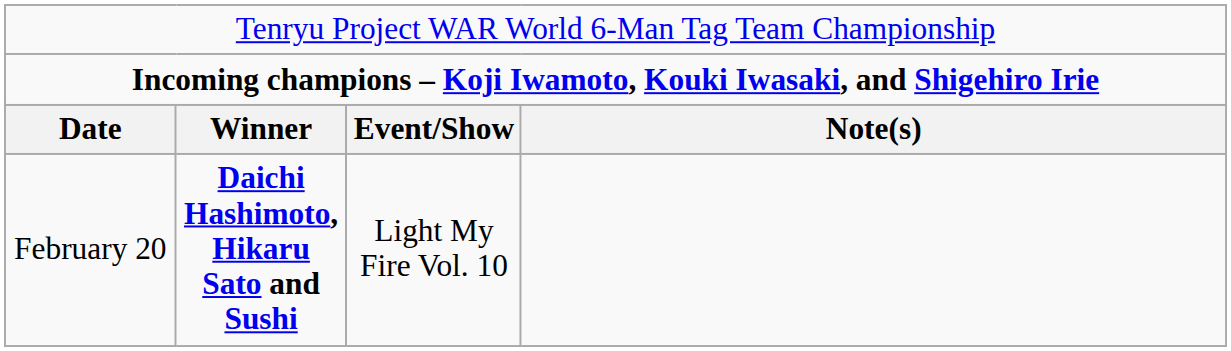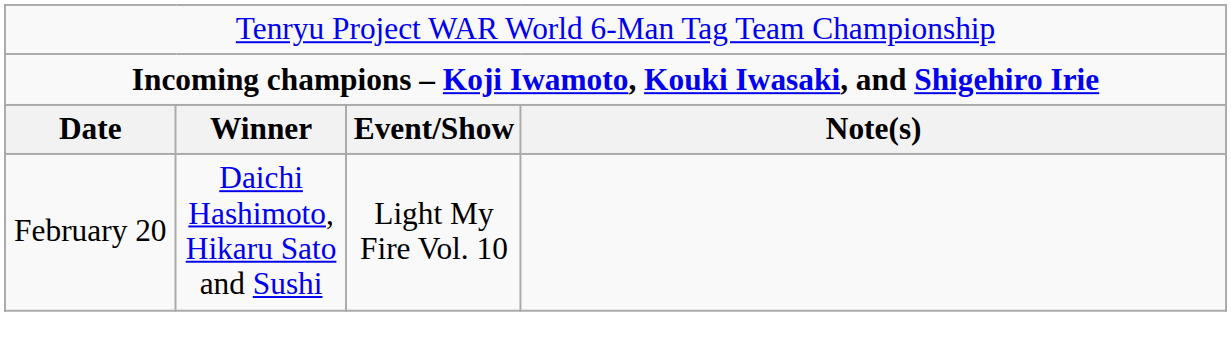 <table class="wikitable" style="text-align:center; width:100%;">
 <tr>
 <td colspan="4" style="text-align: center;"><a href='#'>Tenryu Project WAR World 6-Man Tag Team Championship</a></td>
 </tr>
 <tr>
 <td colspan="4" style="text-align: center;"><strong>Incoming champions – <a href='#'>Koji Iwamoto</a>, <a href='#'>Kouki Iwasaki</a>, and <a href='#'>Shigehiro Irie</a></strong></td>
 </tr>
 <tr>
 <th width="14%">Date</th>
 <th width="14%">Winner</th>
 <th width="14%">Event/Show</th>
 <th width="58%">Note(s)</th>
 </tr>
 <tr>
 <td>February 20</td>
-<td><strong><a href='#'>Daichi Hashimoto</a>, <a href='#'>Hikaru Sato</a> and <a href='#'>Sushi</a></strong></td>
+<td><a href='#'>Daichi Hashimoto</a>, <a href='#'>Hikaru Sato</a> and <a href='#'>Sushi</a></td>
 <td>Light My Fire Vol. 10</td>
 <td></td>
 </tr>
 </table>
